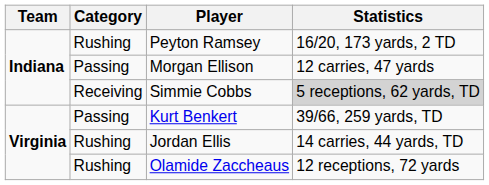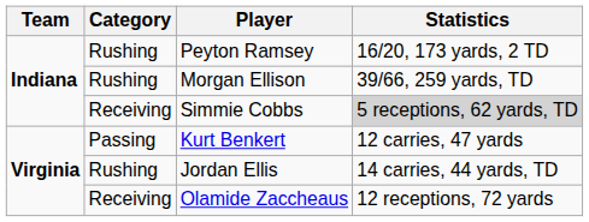 <table class="wikitable" style="float: right;">
 <tr>
 <th>Team</th>
 <th>Category</th>
 <th>Player</th>
 <th>Statistics</th>
 </tr>
 <tr>
 <td rowspan=3><strong>Indiana</strong></td>
 <td>Rushing</td>
 <td>Peyton Ramsey</td>
 <td>16/20, 173 yards, 2 TD</td>
 </tr>
 <tr>
-<td>Passing</td>
+<td>Rushing</td>
 <td>Morgan Ellison</td>
-<td>12 carries, 47 yards</td>
+<td>39/66, 259 yards, TD</td>
 </tr>
 <tr>
 <td>Receiving</td>
 <td>Simmie Cobbs</td>
 <td style="background: lightgrey;">5 receptions, 62 yards, TD</td>
 </tr>
 <tr>
 <td rowspan=3><strong>Virginia</strong></td>
 <td>Passing</td>
 <td><a href='#'>Kurt Benkert</a></td>
-<td>39/66, 259 yards, TD</td>
+<td>12 carries, 47 yards</td>
 </tr>
 <tr>
 <td>Rushing</td>
 <td>Jordan Ellis</td>
 <td>14 carries, 44 yards, TD</td>
 </tr>
 <tr>
-<td>Rushing</td>
+<td>Receiving</td>
 <td><a href='#'>Olamide Zaccheaus</a></td>
 <td>12 receptions, 72 yards</td>
 </tr>
 </table>
